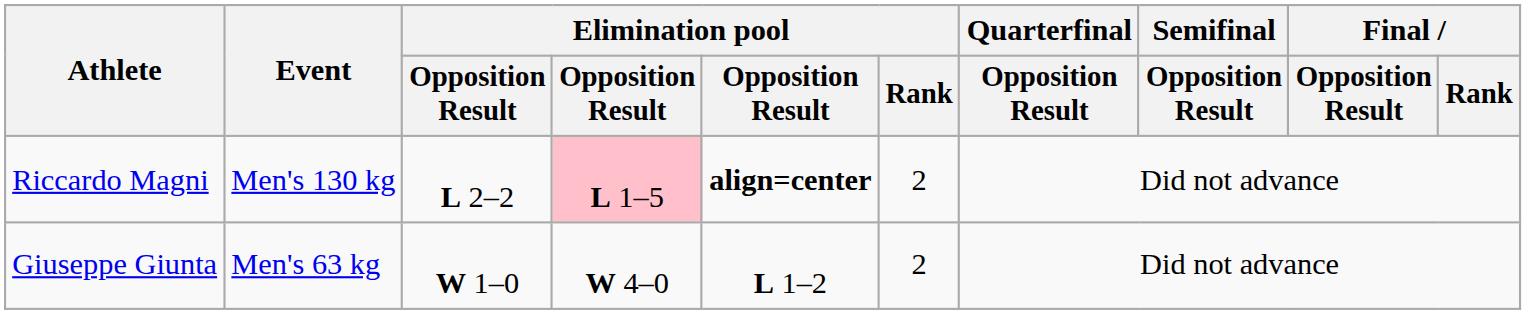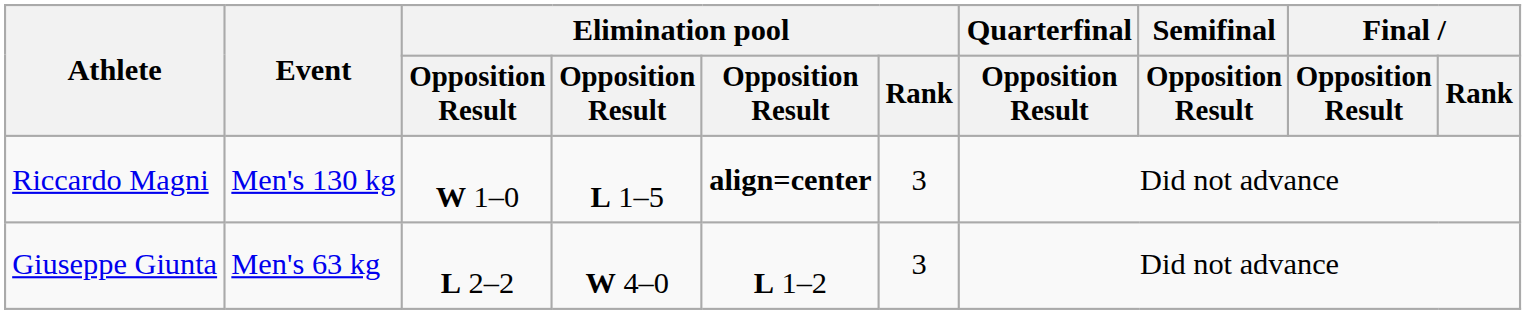 <table class="wikitable" style="font-size:90%">
 <tr>
 <th rowspan="2">Athlete</th>
 <th rowspan="2">Event</th>
 <th colspan=4>Elimination pool</th>
 <th>Quarterfinal</th>
 <th>Semifinal</th>
 <th colspan=2>Final / </th>
 </tr>
 <tr style="font-size: 95%">
 <th>Opposition<br>Result</th>
 <th>Opposition<br>Result</th>
 <th>Opposition<br>Result</th>
 <th>Rank</th>
 <th>Opposition<br>Result</th>
 <th>Opposition<br>Result</th>
 <th>Opposition<br>Result</th>
 <th>Rank</th>
 </tr>
 <tr>
 <td align=left><a href='#'>Riccardo Magni</a></td>
 <td align=left><a href='#'>Men's 130 kg</a></td>
-<td align=center><br><strong>L</strong> 2–2</td>
-<td align=center style="background: pink;"><br><strong>L</strong> 1–5</td>
+<td align=center><br><strong>W</strong> 1–0</td>
+<td align=center><br><strong>L</strong> 1–5</td>
 <td><strong>align=center </strong></td>
-<td align=center>2</td>
+<td align=center>3</td>
 <td align=center colspan=4>Did not advance</td>
 </tr>
 <tr>
 <td align=left><a href='#'>Giuseppe Giunta</a></td>
 <td align=left><a href='#'>Men's 63 kg</a></td>
-<td align=center><br><strong>W</strong> 1–0</td>
+<td align=center><br><strong>L</strong> 2–2</td>
 <td align=center><br><strong>W</strong> 4–0</td>
 <td align=center><br><strong>L</strong> 1–2</td>
-<td align=center>2</td>
+<td align=center>3</td>
 <td align=center colspan=4>Did not advance</td>
 </tr>
 </table>
